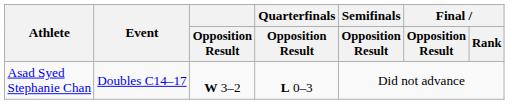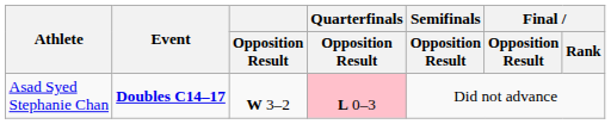 <table class=wikitable style="font-size:90%">
 <tr>
 <th rowspan="2">Athlete</th>
 <th rowspan="2">Event</th>
 <th></th>
 <th>Quarterfinals</th>
 <th>Semifinals</th>
 <th colspan="2">Final / </th>
 </tr>
 <tr style="font-size:95%">
 <th>Opposition<br>Result</th>
 <th>Opposition<br>Result</th>
 <th>Opposition<br>Result</th>
 <th>Opposition<br>Result</th>
 <th>Rank</th>
 </tr>
 <tr align=center>
 <td align=left><a href='#'>Asad Syed</a><br><a href='#'>Stephanie Chan</a></td>
-<td align=left><a href='#'>Doubles C14–17</a></td>
+<td align=left><strong><a href='#'>Doubles C14–17</a></strong></td>
 <td><br><strong>W</strong> 3–2</td>
-<td><br><strong>L</strong> 0–3</td>
+<td style="background: pink;"><br><strong>L</strong> 0–3</td>
 <td colspan=3>Did not advance</td>
 </tr>
 </table>
